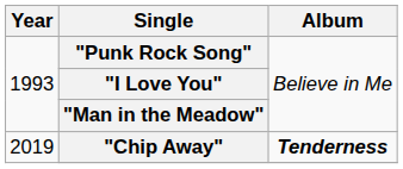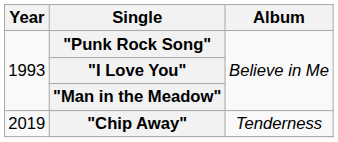 <table class="wikitable plainrowheaders" style="text-align:center;">
 <tr>
 <th scope="col" rowspan="1">Year</th>
 <th scope="col" rowspan="1">Single</th>
 <th scope="col" rowspan="1">Album</th>
 </tr>
 <tr>
 <td rowspan="3">1993</td>
 <th scope="row">"Punk Rock Song"</th>
 <td rowspan="3"><em>Believe in Me</em></td>
 </tr>
 <tr>
 <th scope="row">"I Love You"</th>
 </tr>
 <tr>
 <th scope="row">"Man in the Meadow"</th>
 </tr>
 <tr>
 <td rowspan="3">2019</td>
 <th scope="row">"Chip Away"</th>
-<td rowspan="1"><strong><em>Tenderness</em></strong></td>
+<td rowspan="1"><em>Tenderness</em></td>
 </tr>
 <tr>
 </tr>
 </table>
